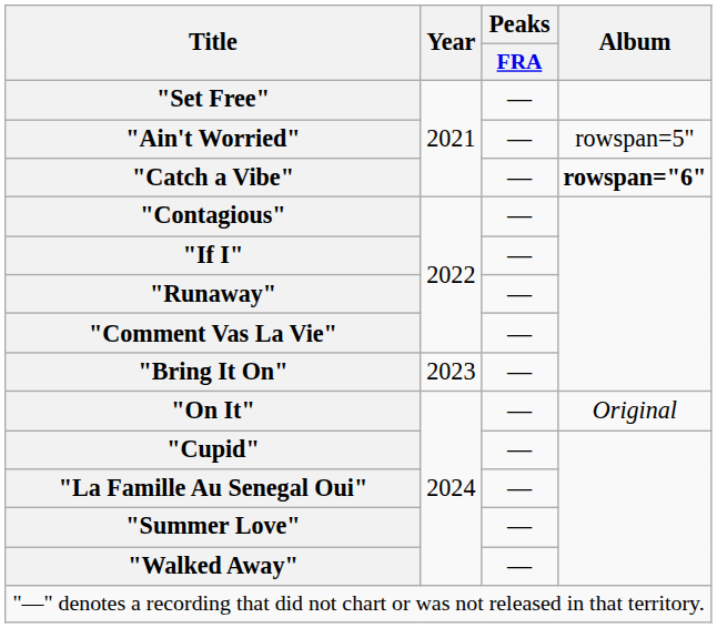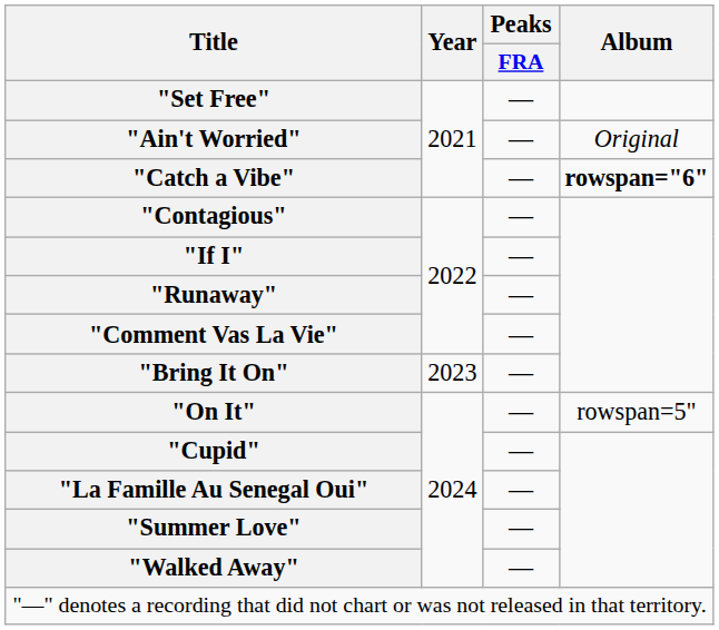 <table class="wikitable plainrowheaders" style="text-align:center;">
 <tr>
 <th scope="col" rowspan="2" style="width:16.5em;">Title</th>
 <th scope="col" rowspan="2" style="width:1em;">Year</th>
 <th scope="col" colspan="1">Peaks</th>
 <th scope="col" rowspan="2">Album</th>
 </tr>
 <tr>
 <th scope="col" style="width:3em;font-size:90%;"><a href='#'>FRA</a></th>
 </tr>
 <tr>
 <th scope="row">"Set Free"</th>
 <td rowspan="3">2021</td>
 <td>—</td>
 <td></td>
 </tr>
 <tr>
 <th scope="row">"Ain't Worried"<br></th>
 <td>—</td>
-<td>rowspan=5" </td>
+<td><em>Original</em></td>
 </tr>
 <tr>
 <th scope="row">"Catch a Vibe"<br></th>
 <td>—</td>
 <td><strong>rowspan="6" </strong></td>
 </tr>
 <tr>
 <th scope="row">"Contagious"<br></th>
 <td rowspan="4">2022</td>
 <td>—</td>
 </tr>
 <tr>
 <th scope="row">"If I"<br></th>
 <td>—</td>
 </tr>
 <tr>
 <th scope="row">"Runaway"<br></th>
 <td>—</td>
 </tr>
 <tr>
 <th scope="row">"Comment Vas La Vie"<br></th>
 <td>—</td>
 </tr>
 <tr>
 <th scope="row">"Bring It On"<br></th>
 <td>2023</td>
 <td>—</td>
 </tr>
 <tr>
 <th scope="row">"On It"</th>
 <td rowspan="5">2024</td>
 <td>—</td>
-<td><em>Original</em></td>
+<td>rowspan=5" </td>
 </tr>
 <tr>
 <th scope="row">"Cupid"</th>
 <td>—</td>
 </tr>
 <tr>
 <th scope="row">"La Famille Au Senegal Oui"<br></th>
 <td>—</td>
 </tr>
 <tr>
 <th scope="row">"Summer Love"<br></th>
 <td>—</td>
 </tr>
 <tr>
 <th scope="row">"Walked Away"<br></th>
 <td>—</td>
 </tr>
 <tr>
 <td colspan="14" style="font-size:90%">"—" denotes a recording that did not chart or was not released in that territory.</td>
 </tr>
 </table>
